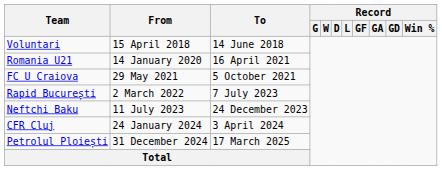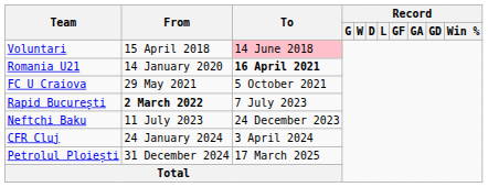 <table class="wikitable" style="text-align: center">
 <tr>
 <th rowspan=2>Team</th>
 <th rowspan=2>From</th>
 <th rowspan=2>To</th>
 <th colspan=8>Record</th>
 </tr>
 <tr>
 <th>G</th>
 <th>W</th>
 <th>D</th>
 <th>L</th>
 <th>GF</th>
 <th>GA</th>
 <th>GD</th>
 <th>Win %</th>
 </tr>
 <tr>
 <td align=left> <a href='#'>Voluntari</a></td>
 <td align=left>15 April 2018</td>
-<td align=left>14 June 2018<br></td>
+<td align=left style="background: pink;">14 June 2018<br></td>
 </tr>
 <tr>
 <td align=left> <a href='#'>Romania U21</a></td>
 <td align=left>14 January 2020</td>
-<td align=left>16 April 2021<br></td>
+<td align=left><strong>16 April 2021<br></strong></td>
 </tr>
 <tr>
 <td align=left> <a href='#'>FC U Craiova</a></td>
 <td align=left>29 May 2021</td>
 <td align=left>5 October 2021<br></td>
 </tr>
 <tr>
 <td align=left> <a href='#'>Rapid București</a></td>
-<td align=left>2 March 2022</td>
+<td align=left><strong>2 March 2022</strong></td>
 <td align=left>7 July 2023<br></td>
 </tr>
 <tr>
 <td align=left> <a href='#'>Neftchi Baku</a></td>
 <td align=left>11 July 2023</td>
 <td align=left>24 December 2023<br></td>
 </tr>
 <tr>
 <td align=left> <a href='#'>CFR Cluj</a></td>
 <td align=left>24 January 2024</td>
 <td align=left>3 April 2024<br></td>
 </tr>
 <tr>
 <td align=left> <a href='#'>Petrolul Ploiești</a></td>
 <td align=left>31 December 2024</td>
 <td align=left>17 March 2025<br></td>
 </tr>
 <tr>
 <th colspan="3">Total<br></th>
 </tr>
 </table>
